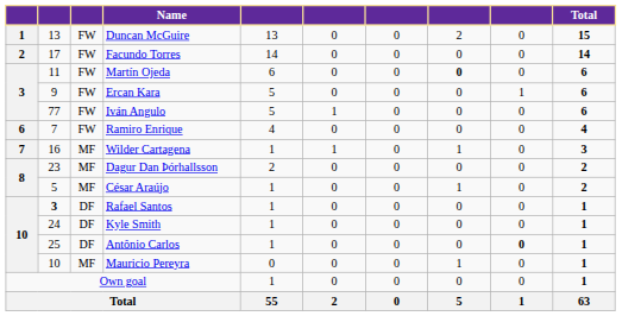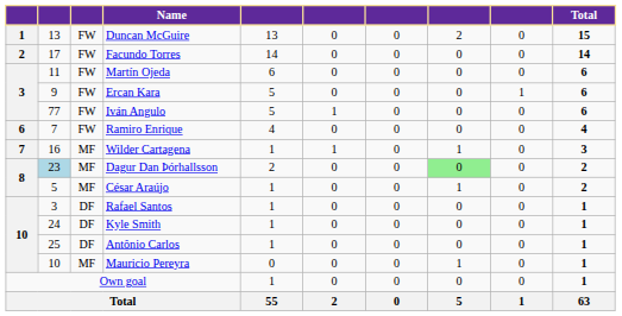 <table class="wikitable" style="text-align:center;">
 <tr>
 <th style="background:#5E299A; color:white; border:2px solid #F8E196; width:35px;" scope="col"></th>
 <th style="background:#5E299A; color:white; border:2px solid #F8E196; width:35px;" scope="col"></th>
 <th style="background:#5E299A; color:white; border:2px solid #F8E196; width:35px;" scope="col"></th>
 <th style="background:#5E299A; color:white; border:2px solid #F8E196; width:175px;" scope="col">Name</th>
 <th style="background:#5E299A; color:white; border:2px solid #F8E196; width:75px;" scope="col"></th>
 <th style="background:#5E299A; color:white; border:2px solid #F8E196; width:75px;" scope="col"></th>
 <th style="background:#5E299A; color:white; border:2px solid #F8E196; width:75px;" scope="col"></th>
 <th style="background:#5E299A; color:white; border:2px solid #F8E196; width:75px;" scope="col"></th>
 <th style="background:#5E299A; color:white; border:2px solid #F8E196; width:75px;" scope="col"></th>
 <th style="background:#5E299A; color:white; border:2px solid #F8E196; width:75px;" scope="col">Total</th>
 </tr>
 <tr>
 <th rowspan=1>1</th>
 <td>13</td>
 <td>FW</td>
 <td align="left"> <a href='#'>Duncan McGuire</a></td>
 <td>13</td>
 <td>0</td>
 <td>0</td>
 <td>2</td>
 <td>0</td>
 <td><strong>15</strong></td>
 </tr>
 <tr>
 <th>2</th>
 <td>17</td>
 <td>FW</td>
 <td align="left"> <a href='#'>Facundo Torres</a></td>
 <td>14</td>
 <td>0</td>
 <td>0</td>
 <td>0</td>
 <td>0</td>
 <td><strong>14</strong></td>
 </tr>
 <tr>
 <th rowspan=3>3</th>
 <td>11</td>
 <td>FW</td>
 <td align="left"> <a href='#'>Martín Ojeda</a></td>
 <td>6</td>
 <td>0</td>
 <td>0</td>
-<td><strong>0</strong></td>
+<td>0</td>
 <td>0</td>
 <td><strong>6</strong></td>
 </tr>
 <tr>
 <td>9</td>
 <td>FW</td>
 <td align="left"> <a href='#'>Ercan Kara</a></td>
 <td>5</td>
 <td>0</td>
 <td>0</td>
 <td>0</td>
 <td>1</td>
 <td><strong>6</strong></td>
 </tr>
 <tr>
 <td>77</td>
 <td>FW</td>
 <td align="left"> <a href='#'>Iván Angulo</a></td>
 <td>5</td>
 <td>1</td>
 <td>0</td>
 <td>0</td>
 <td>0</td>
 <td><strong>6</strong></td>
 </tr>
 <tr>
 <th>6</th>
 <td>7</td>
 <td>FW</td>
 <td align="left"> <a href='#'>Ramiro Enrique</a></td>
 <td>4</td>
 <td>0</td>
 <td>0</td>
 <td>0</td>
 <td>0</td>
 <td><strong>4</strong></td>
 </tr>
 <tr>
 <th>7</th>
 <td>16</td>
 <td>MF</td>
 <td align="left"> <a href='#'>Wilder Cartagena</a></td>
 <td>1</td>
 <td>1</td>
 <td>0</td>
 <td>1</td>
 <td>0</td>
 <td><strong>3</strong></td>
 </tr>
 <tr>
 <th rowspan=2>8</th>
-<td>23</td>
+<td style="background: lightblue;">23</td>
 <td>MF</td>
 <td align="left"> <a href='#'>Dagur Dan Þórhallsson</a></td>
 <td>2</td>
 <td>0</td>
 <td>0</td>
-<td>0</td>
+<td style="background: lightgreen;">0</td>
 <td>0</td>
 <td><strong>2</strong></td>
 </tr>
 <tr>
 <td>5</td>
 <td>MF</td>
 <td align="left"> <a href='#'>César Araújo</a></td>
 <td>1</td>
 <td>0</td>
 <td>0</td>
 <td>1</td>
 <td>0</td>
 <td><strong>2</strong></td>
 </tr>
 <tr>
 <th rowspan=4>10</th>
-<td><strong>3</strong></td>
+<td>3</td>
 <td>DF</td>
 <td align="left"> <a href='#'>Rafael Santos</a></td>
 <td>1</td>
 <td>0</td>
 <td>0</td>
 <td>0</td>
 <td>0</td>
 <td><strong>1</strong></td>
 </tr>
 <tr>
 <td>24</td>
 <td>DF</td>
 <td align="left"> <a href='#'>Kyle Smith</a></td>
 <td>1</td>
 <td>0</td>
 <td>0</td>
 <td>0</td>
 <td>0</td>
 <td><strong>1</strong></td>
 </tr>
 <tr>
 <td>25</td>
 <td>DF</td>
 <td align="left"> <a href='#'>Antônio Carlos</a></td>
 <td>1</td>
 <td>0</td>
 <td>0</td>
 <td>0</td>
-<td><strong>0</strong></td>
+<td>0</td>
 <td><strong>1</strong></td>
 </tr>
 <tr>
 <td>10</td>
 <td>MF</td>
 <td align="left"> <a href='#'>Mauricio Pereyra</a></td>
 <td>0</td>
 <td>0</td>
 <td>0</td>
 <td>1</td>
 <td>0</td>
 <td><strong>1</strong></td>
 </tr>
 <tr>
 <td colspan="4"><a href='#'>Own goal</a></td>
 <td>1</td>
 <td>0</td>
 <td>0</td>
 <td>0</td>
 <td>0</td>
 <td><strong>1</strong></td>
 </tr>
 <tr>
 <th colspan="4">Total</th>
 <th>55</th>
 <th>2</th>
 <th>0</th>
 <th>5</th>
 <th>1</th>
 <th>63</th>
 </tr>
 </table>
